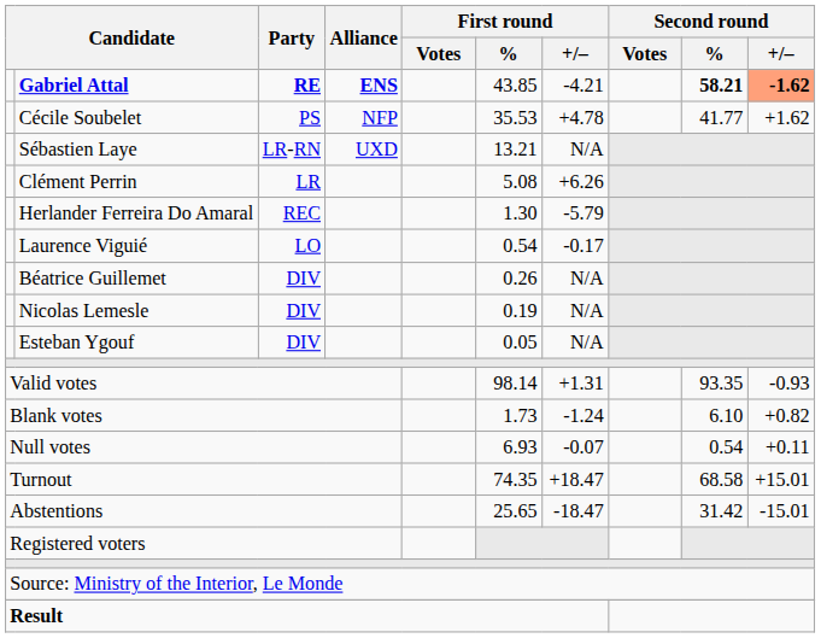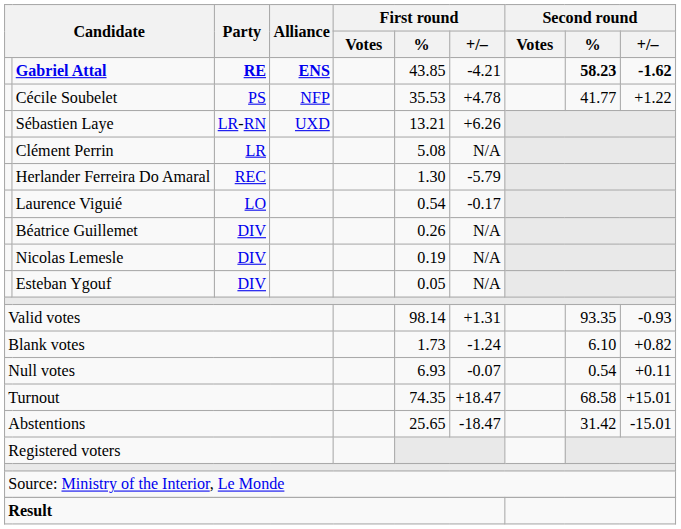 <table class="wikitable" style="text-align:right;font-size:95%;">
 <tr>
 <th rowspan="2" colspan="2">Candidate</th>
 <th rowspan="2">Party</th>
 <th rowspan="2">Alliance</th>
 <th colspan="3">First round</th>
 <th colspan="3">Second round</th>
 </tr>
 <tr>
 <th style="width:50px;">Votes</th>
 <th style="width:45px;">%</th>
 <th style="width:45px;">+/–</th>
 <th style="width:50px;">Votes</th>
 <th style="width:45px;">%</th>
 <th style="width:45px;">+/–</th>
 </tr>
 <tr>
 <td style="color:inherit;background:"></td>
 <td style="text-align:left;"><strong><a href='#'>Gabriel Attal</a></strong></td>
 <td><a href='#'><strong>RE</strong></a></td>
 <td><a href='#'><strong>ENS</strong></a></td>
 <td></td>
 <td>43.85</td>
 <td>-4.21</td>
 <td><strong></strong></td>
-<td><strong>58.21</strong></td>
-<td style="background: lightsalmon;"><strong>-1.62</strong></td>
+<td><strong>58.23</strong></td>
+<td><strong>-1.62</strong></td>
 </tr>
 <tr>
 <td style="color:inherit;background:"></td>
 <td style="text-align:left;">Cécile Soubelet</td>
 <td><a href='#'>PS</a></td>
 <td><a href='#'>NFP</a></td>
 <td></td>
 <td>35.53</td>
 <td>+4.78</td>
 <td></td>
 <td>41.77</td>
-<td>+1.62</td>
+<td>+1.22</td>
 </tr>
 <tr>
 <td style="color:inherit;background:"></td>
 <td style="text-align:left;">Sébastien Laye</td>
 <td><a href='#'>LR</a>-<a href='#'>RN</a></td>
 <td><a href='#'>UXD</a></td>
 <td></td>
 <td>13.21</td>
-<td>N/A</td>
+<td>+6.26</td>
 <td colspan="3" style="background:#E9E9E9;"></td>
 </tr>
 <tr>
 <td style="color:inherit;background:"></td>
 <td style="text-align:left;">Clément Perrin</td>
 <td><a href='#'>LR</a></td>
 <td></td>
 <td></td>
 <td>5.08</td>
-<td>+6.26</td>
+<td>N/A</td>
 <td colspan="3" style="background:#E9E9E9;"></td>
 </tr>
 <tr>
 <td style="color:inherit;background:"></td>
 <td style="text-align:left;">Herlander Ferreira Do Amaral</td>
 <td><a href='#'>REC</a></td>
 <td></td>
 <td></td>
 <td>1.30</td>
 <td>-5.79</td>
 <td colspan="3" style="background:#E9E9E9;"></td>
 </tr>
 <tr>
 <td style="color:inherit;background:"></td>
 <td style="text-align:left;">Laurence Viguié</td>
 <td><a href='#'>LO</a></td>
 <td></td>
 <td></td>
 <td>0.54</td>
 <td>-0.17</td>
 <td colspan="3" style="background:#E9E9E9;"></td>
 </tr>
 <tr>
 <td style="color:inherit;background:"></td>
 <td style="text-align:left;">Béatrice Guillemet</td>
 <td><a href='#'>DIV</a></td>
 <td></td>
 <td></td>
 <td>0.26</td>
 <td>N/A</td>
 <td colspan="3" style="background:#E9E9E9;"></td>
 </tr>
 <tr>
 <td style="color:inherit;background:"></td>
 <td style="text-align:left;">Nicolas Lemesle</td>
 <td><a href='#'>DIV</a></td>
 <td></td>
 <td></td>
 <td>0.19</td>
 <td>N/A</td>
 <td colspan="3" style="background:#E9E9E9;"></td>
 </tr>
 <tr>
 <td style="color:inherit;background:"></td>
 <td style="text-align:left;">Esteban Ygouf</td>
 <td><a href='#'>DIV</a></td>
 <td></td>
 <td></td>
 <td>0.05</td>
 <td>N/A</td>
 <td colspan="3" style="background:#E9E9E9;"></td>
 </tr>
 <tr>
 <td colspan="10" style="background:#E9E9E9;"></td>
 </tr>
 <tr>
 <td colspan="4" style="text-align:left;">Valid votes</td>
 <td></td>
 <td>98.14</td>
 <td>+1.31</td>
 <td></td>
 <td>93.35</td>
 <td>-0.93</td>
 </tr>
 <tr>
 <td colspan="4" style="text-align:left;">Blank votes</td>
 <td></td>
 <td>1.73</td>
 <td>-1.24</td>
 <td></td>
 <td>6.10</td>
 <td>+0.82</td>
 </tr>
 <tr>
 <td colspan="4" style="text-align:left;">Null votes</td>
 <td></td>
 <td>6.93</td>
 <td>-0.07</td>
 <td></td>
 <td>0.54</td>
 <td>+0.11</td>
 </tr>
 <tr>
 <td colspan="4" style="text-align:left;">Turnout</td>
 <td></td>
 <td>74.35</td>
 <td>+18.47</td>
 <td></td>
 <td>68.58</td>
 <td>+15.01</td>
 </tr>
 <tr>
 <td colspan="4" style="text-align:left;">Abstentions</td>
 <td></td>
 <td>25.65</td>
 <td>-18.47</td>
 <td></td>
 <td>31.42</td>
 <td>-15.01</td>
 </tr>
 <tr>
 <td colspan="4" style="text-align:left;">Registered voters</td>
 <td></td>
 <td colspan="2" style="background:#E9E9E9;"></td>
 <td></td>
 <td colspan="2" style="background:#E9E9E9;"></td>
 </tr>
 <tr>
 <td colspan="10" style="background:#E9E9E9;"></td>
 </tr>
 <tr>
 <td colspan="10" style="text-align:left;">Source: <a href='#'>Ministry of the Interior</a>, <a href='#'>Le Monde</a></td>
 </tr>
 <tr>
 </tr>
 <tr style="font-weight:bold">
 <td colspan="7" style="text-align:left;">Result</td>
 <td colspan="7" style="background-color:"></td>
 </tr>
 </table>
